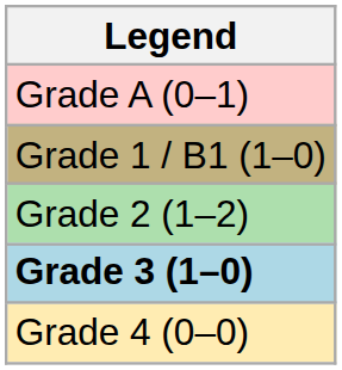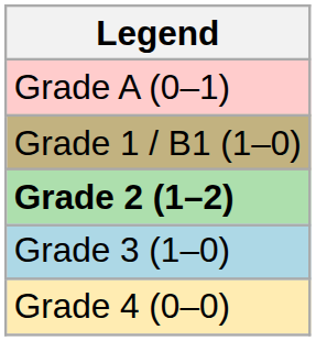 <table class="wikitable" style="font-size:85%;">
 <tr>
 <th>Legend</th>
 </tr>
 <tr bgcolor="ffcccc">
 <td>Grade A (0–1)</td>
 </tr>
 <tr bgcolor="C2B280">
 <td>Grade 1 / B1 (1–0)</td>
 </tr>
 <tr bgcolor="ADDFAD">
-<td>Grade 2 (1–2)</td>
+<td><strong>Grade 2 (1–2)</strong></td>
 </tr>
 <tr bgcolor="lightblue">
-<td><strong>Grade 3 (1–0)</strong></td>
+<td>Grade 3 (1–0)</td>
 </tr>
 <tr bgcolor="ffecb2">
 <td>Grade 4 (0–0)</td>
 </tr>
 </table>
